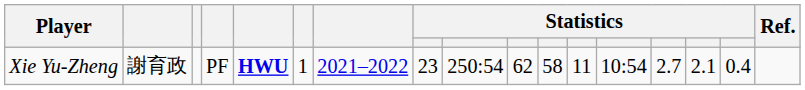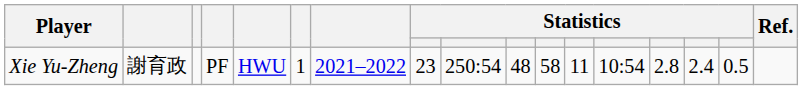 <table class="wikitable sortable" style="font-size:95%; text-align:right;">
 <tr>
 <th rowspan="2">Player</th>
 <th rowspan="2"></th>
 <th rowspan="2"></th>
 <th rowspan="2"></th>
 <th rowspan="2"></th>
 <th rowspan="2"></th>
 <th rowspan="2"></th>
 <th colspan="9">Statistics</th>
 <th rowspan="2">Ref.</th>
 </tr>
 <tr>
 <th></th>
 <th></th>
 <th></th>
 <th></th>
 <th></th>
 <th></th>
 <th></th>
 <th></th>
 <th></th>
 </tr>
 <tr>
 <td align="left"><em>Xie Yu-Zheng</em></td>
 <td align="left">謝育政</td>
 <td align="center"></td>
 <td align="center">PF</td>
-<td align="left"><strong><a href='#'>HWU</a></strong></td>
+<td align="left"><a href='#'>HWU</a></td>
 <td align="center">1</td>
 <td align="center"><a href='#'>2021–2022</a></td>
 <td>23</td>
 <td>250:54</td>
-<td>62</td>
+<td>48</td>
 <td>58</td>
 <td>11</td>
 <td>10:54</td>
-<td>2.7</td>
-<td>2.1</td>
-<td>0.4</td>
+<td>2.8</td>
+<td>2.4</td>
+<td>0.5</td>
 <td align="center"></td>
 </tr>
 </table>
